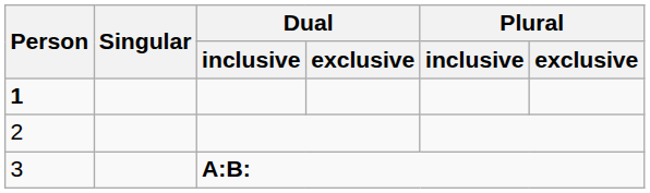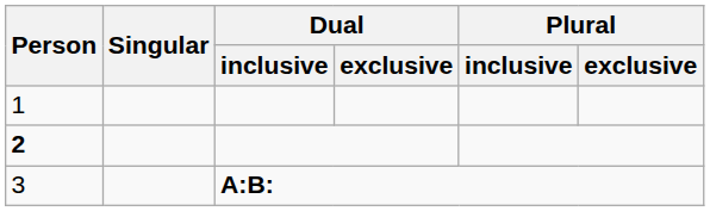 <table class="wikitable">
 <tr>
 <th rowspan="2">Person</th>
 <th rowspan="2">Singular</th>
 <th colspan="2">Dual</th>
 <th colspan="2">Plural</th>
 </tr>
 <tr>
 <th>inclusive</th>
 <th>exclusive</th>
 <th>inclusive</th>
 <th>exclusive</th>
 </tr>
 <tr>
-<td><strong>1</strong></td>
+<td>1</td>
 <td></td>
 <td></td>
 <td></td>
 <td></td>
 <td></td>
 </tr>
 <tr>
-<td>2</td>
+<td><strong>2</strong></td>
 <td></td>
 <td colspan="2"></td>
 <td colspan="2"></td>
 </tr>
 <tr>
 <td>3</td>
 <td></td>
 <td colspan="4"><strong>A:</strong><strong>B:</strong></td>
 </tr>
 </table>
